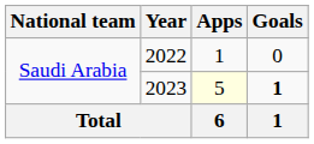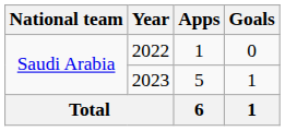 <table class="wikitable" style="text-align:center">
 <tr>
 <th>National team</th>
 <th>Year</th>
 <th>Apps</th>
 <th>Goals</th>
 </tr>
 <tr>
 <td rowspan="2"><a href='#'>Saudi Arabia</a></td>
 <td>2022</td>
 <td>1</td>
 <td>0</td>
 </tr>
 <tr>
 <td>2023</td>
-<td style="background: lightyellow;">5</td>
-<td><strong>1</strong></td>
+<td>5</td>
+<td>1</td>
 </tr>
 <tr>
 <th colspan="2">Total</th>
 <th>6</th>
 <th>1</th>
 </tr>
 </table>
